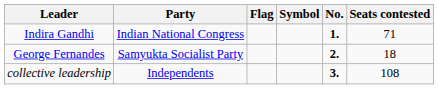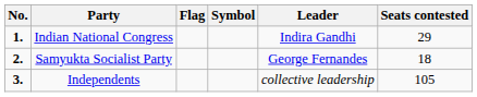 <table class="wikitable">
 <tr>
-<th>Leader</th>
+<th>No.</th>
 <th>Party</th>
 <th>Flag</th>
 <th>Symbol</th>
-<th>No.</th>
+<th>Leader</th>
 <th>Seats contested</th>
 </tr>
 <tr>
-<td style="text-align:center"><a href='#'>Indira Gandhi</a></td>
+<td ! style="text-align:center; background:"><strong>1.</strong></td>
 <td style="text-align:center"><a href='#'>Indian National Congress</a></td>
 <td></td>
 <td></td>
-<td ! style="text-align:center; background:"><strong>1.</strong></td>
-<td style="text-align:center">71</td>
+<td style="text-align:center"><a href='#'>Indira Gandhi</a></td>
+<td style="text-align:center">29</td>
 </tr>
 <tr>
-<td style="text-align:center"><a href='#'>George Fernandes</a></td>
+<td ! style="text-align:center; background:"><strong>2.</strong></td>
 <td style="text-align:center"><a href='#'>Samyukta Socialist Party</a></td>
 <td></td>
 <td></td>
-<td ! style="text-align:center; background:"><strong>2.</strong></td>
+<td style="text-align:center"><a href='#'>George Fernandes</a></td>
 <td style="text-align:center">18</td>
 </tr>
 <tr>
-<td style="text-align:center"><em>collective leadership</em></td>
+<td ! style="text-align:center; background:"><strong>3.</strong></td>
 <td style="text-align:center"><a href='#'>Independents</a></td>
 <td></td>
 <td></td>
-<td ! style="text-align:center; background:"><strong>3.</strong></td>
-<td style="text-align:center">108</td>
+<td style="text-align:center"><em>collective leadership</em></td>
+<td style="text-align:center">105</td>
 </tr>
 </table>
